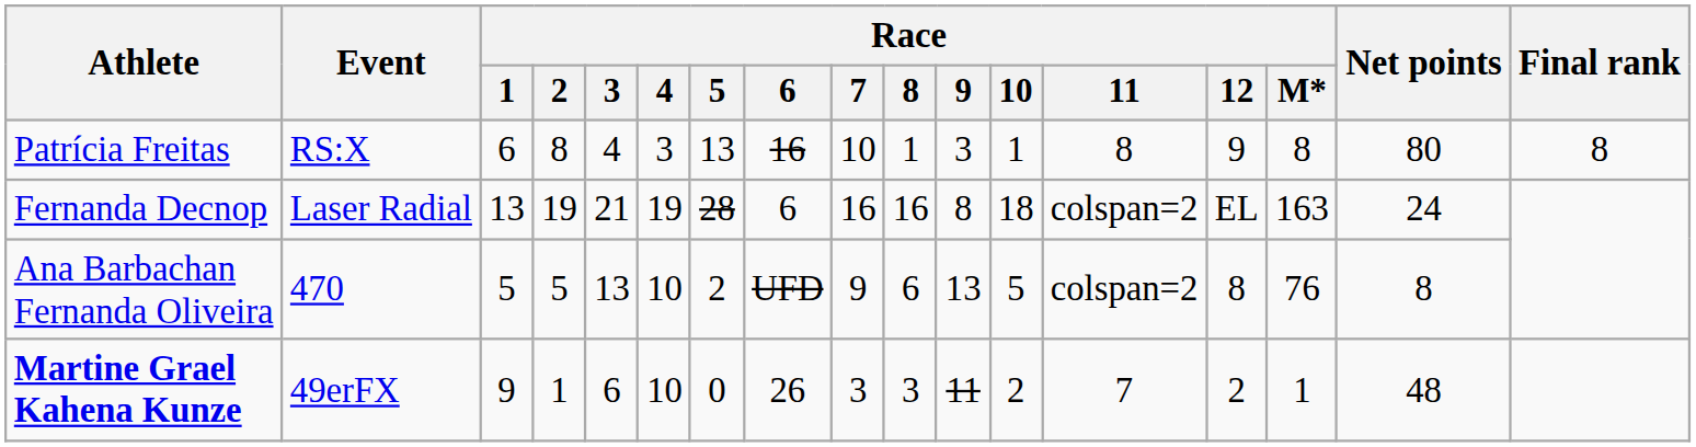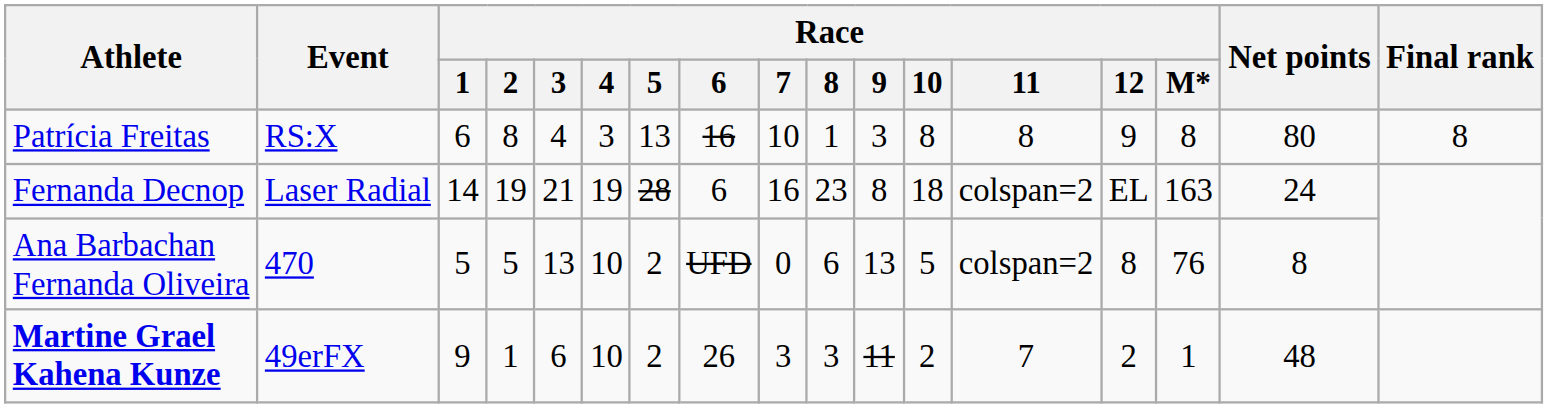 <table class="wikitable" style="font-size:90%">
 <tr>
 <th rowspan="2">Athlete</th>
 <th rowspan="2">Event</th>
 <th colspan=13>Race</th>
 <th rowspan=2>Net points</th>
 <th rowspan=2>Final rank</th>
 </tr>
 <tr style="font-size:95%">
 <th>1</th>
 <th>2</th>
 <th>3</th>
 <th>4</th>
 <th>5</th>
 <th>6</th>
 <th>7</th>
 <th>8</th>
 <th>9</th>
 <th>10</th>
 <th>11</th>
 <th>12</th>
 <th>M*</th>
 </tr>
 <tr align=center>
 <td align=left><a href='#'>Patrícia Freitas</a></td>
 <td align=left><a href='#'>RS:X</a></td>
 <td>6</td>
 <td>8</td>
 <td>4</td>
 <td>3</td>
 <td>13</td>
 <td><s>16</s></td>
 <td>10</td>
 <td>1</td>
 <td>3</td>
-<td>1</td>
+<td>8</td>
 <td>8</td>
 <td>9</td>
 <td>8</td>
 <td>80</td>
 <td>8</td>
 </tr>
 <tr align=center>
 <td align=left><a href='#'>Fernanda Decnop</a></td>
 <td align=left><a href='#'>Laser Radial</a></td>
-<td>13</td>
+<td>14</td>
 <td>19</td>
 <td>21</td>
 <td>19</td>
 <td><s>28</s></td>
 <td>6</td>
 <td>16</td>
-<td>16</td>
+<td>23</td>
 <td>8</td>
 <td>18</td>
 <td>colspan=2 </td>
 <td>EL</td>
 <td>163</td>
 <td>24</td>
 </tr>
 <tr align=center>
 <td align=left><a href='#'>Ana Barbachan</a><br><a href='#'>Fernanda Oliveira</a></td>
 <td align=left><a href='#'>470</a></td>
 <td>5</td>
 <td>5</td>
 <td>13</td>
 <td>10</td>
 <td>2</td>
 <td><s>UFD</s></td>
-<td>9</td>
+<td>0</td>
 <td>6</td>
 <td>13</td>
 <td>5</td>
 <td>colspan=2 </td>
 <td>8</td>
 <td>76</td>
 <td>8</td>
 </tr>
 <tr align=center>
 <td align=left><strong><a href='#'>Martine Grael</a><br><a href='#'>Kahena Kunze</a></strong></td>
 <td align=left><a href='#'>49erFX</a></td>
 <td>9</td>
 <td>1</td>
 <td>6</td>
 <td>10</td>
-<td>0</td>
+<td>2</td>
 <td>26</td>
 <td>3</td>
 <td>3</td>
 <td><s>11</s></td>
 <td>2</td>
 <td>7</td>
 <td>2</td>
 <td>1</td>
 <td>48</td>
 <td></td>
 </tr>
 </table>
